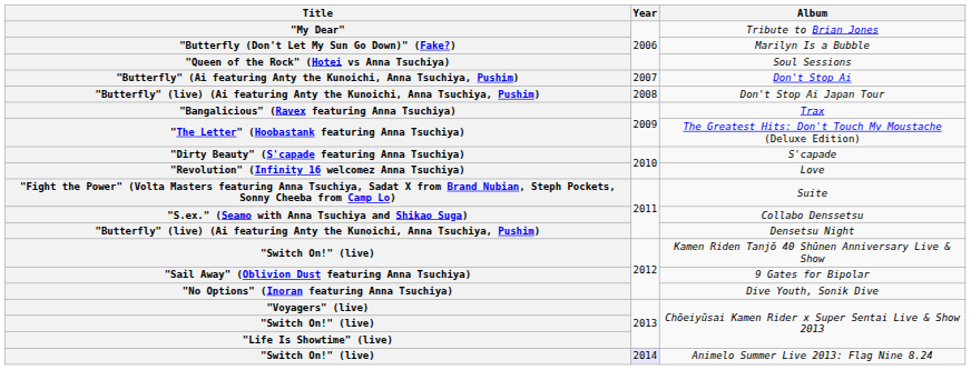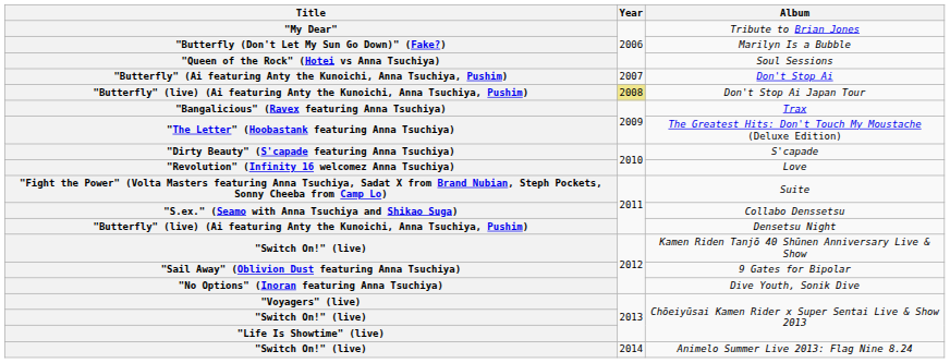 <table class="wikitable plainrowheaders" style="text-align:center;">
 <tr>
 <th scope="col">Title</th>
 <th scope="col">Year</th>
 <th scope="col">Album</th>
 </tr>
 <tr>
 <th scope="row">"My Dear"</th>
 <td rowspan="3">2006</td>
 <td rowspan="1"><em>Tribute to <a href='#'>Brian Jones</a></em></td>
 </tr>
 <tr>
 <th scope="row">"Butterfly (Don't Let My Sun Go Down)" <span>(<a href='#'>Fake?</a>)</span></th>
 <td rowspan="1"><em>Marilyn Is a Bubble</em></td>
 </tr>
 <tr>
 <th scope="row">"Queen of the Rock" <span>(<a href='#'>Hotei</a> vs Anna Tsuchiya)</span></th>
 <td rowspan="1"><em>Soul Sessions</em></td>
 </tr>
 <tr>
 <th scope="row">"Butterfly" <span>(Ai featuring Anty the Kunoichi, Anna Tsuchiya, <a href='#'>Pushim</a>)</span></th>
 <td rowspan="1">2007</td>
 <td rowspan="1"><em><a href='#'>Don't Stop Ai</a></em></td>
 </tr>
 <tr>
 <th scope="row">"Butterfly" (live) <span>(Ai featuring Anty the Kunoichi, Anna Tsuchiya, <a href='#'>Pushim</a>)</span></th>
-<td rowspan="1">2008</td>
+<td rowspan="1" style="background: khaki;">2008</td>
 <td rowspan="1"><em>Don't Stop Ai Japan Tour</em></td>
 </tr>
 <tr>
 <th scope="row">"Bangalicious" <span>(<a href='#'>Ravex</a> featuring Anna Tsuchiya)</span></th>
 <td rowspan="2">2009</td>
 <td rowspan="1"><em><a href='#'>Trax</a></em></td>
 </tr>
 <tr>
 <th scope="row">"<a href='#'>The Letter</a>" <span>(<a href='#'>Hoobastank</a> featuring Anna Tsuchiya)</span></th>
 <td rowspan="1"><em><a href='#'>The Greatest Hits: Don't Touch My Moustache</a></em> (Deluxe Edition)</td>
 </tr>
 <tr>
 <th scope="row">"Dirty Beauty" <span>(<a href='#'>S'capade</a> featuring Anna Tsuchiya)</span></th>
 <td rowspan="2">2010</td>
 <td rowspan="1"><em>S'capade</em></td>
 </tr>
 <tr>
 <th scope="row">"Revolution" <span>(<a href='#'>Infinity 16</a> welcomez Anna Tsuchiya)</span></th>
 <td rowspan="1"><em>Love</em></td>
 </tr>
 <tr>
 <th scope="row">"Fight the Power" <span>(Volta Masters featuring Anna Tsuchiya, Sadat X from <a href='#'>Brand Nubian</a>, Steph Pockets, Sonny Cheeba from <a href='#'>Camp Lo</a>)</span></th>
 <td rowspan="3">2011</td>
 <td rowspan="1"><em>Suite</em></td>
 </tr>
 <tr>
 <th scope="row">"S.ex." <span>(<a href='#'>Seamo</a> with Anna Tsuchiya and <a href='#'>Shikao Suga</a>)</span></th>
 <td rowspan="1"><em>Collabo Denssetsu</em></td>
 </tr>
 <tr>
 <th scope="row">"Butterfly" (live) <span>(Ai featuring Anty the Kunoichi, Anna Tsuchiya, <a href='#'>Pushim</a>)</span></th>
 <td rowspan="1"><em>Densetsu Night</em></td>
 </tr>
 <tr>
 <th scope="row">"Switch On!" (live)</th>
 <td rowspan="3">2012</td>
 <td rowspan="1"><em>Kamen Riden Tanjō 40 Shūnen Anniversary Live & Show</em></td>
 </tr>
 <tr>
 <th scope="row">"Sail Away" <span>(<a href='#'>Oblivion Dust</a> featuring Anna Tsuchiya)</span></th>
 <td rowspan="1"><em>9 Gates for Bipolar</em></td>
 </tr>
 <tr>
 <th scope="row">"No Options" <span>(<a href='#'>Inoran</a> featuring Anna Tsuchiya)</span></th>
 <td rowspan="1"><em>Dive Youth, Sonik Dive</em></td>
 </tr>
 <tr>
 <th scope="row">"Voyagers" (live)</th>
 <td rowspan="3">2013</td>
 <td rowspan="3"><em>Chōeiyūsai Kamen Rider x Super Sentai Live & Show 2013</em></td>
 </tr>
 <tr>
 <th scope="row">"Switch On!" (live)</th>
 </tr>
 <tr>
 <th scope="row">"Life Is Showtime" (live)</th>
 </tr>
 <tr>
 <th scope="row">"Switch On!" (live)</th>
-<td rowspan="1" style="background: lavender;">2014</td>
+<td rowspan="1">2014</td>
 <td rowspan="1"><em>Animelo Summer Live 2013: Flag Nine 8.24</em></td>
 </tr>
 </table>
